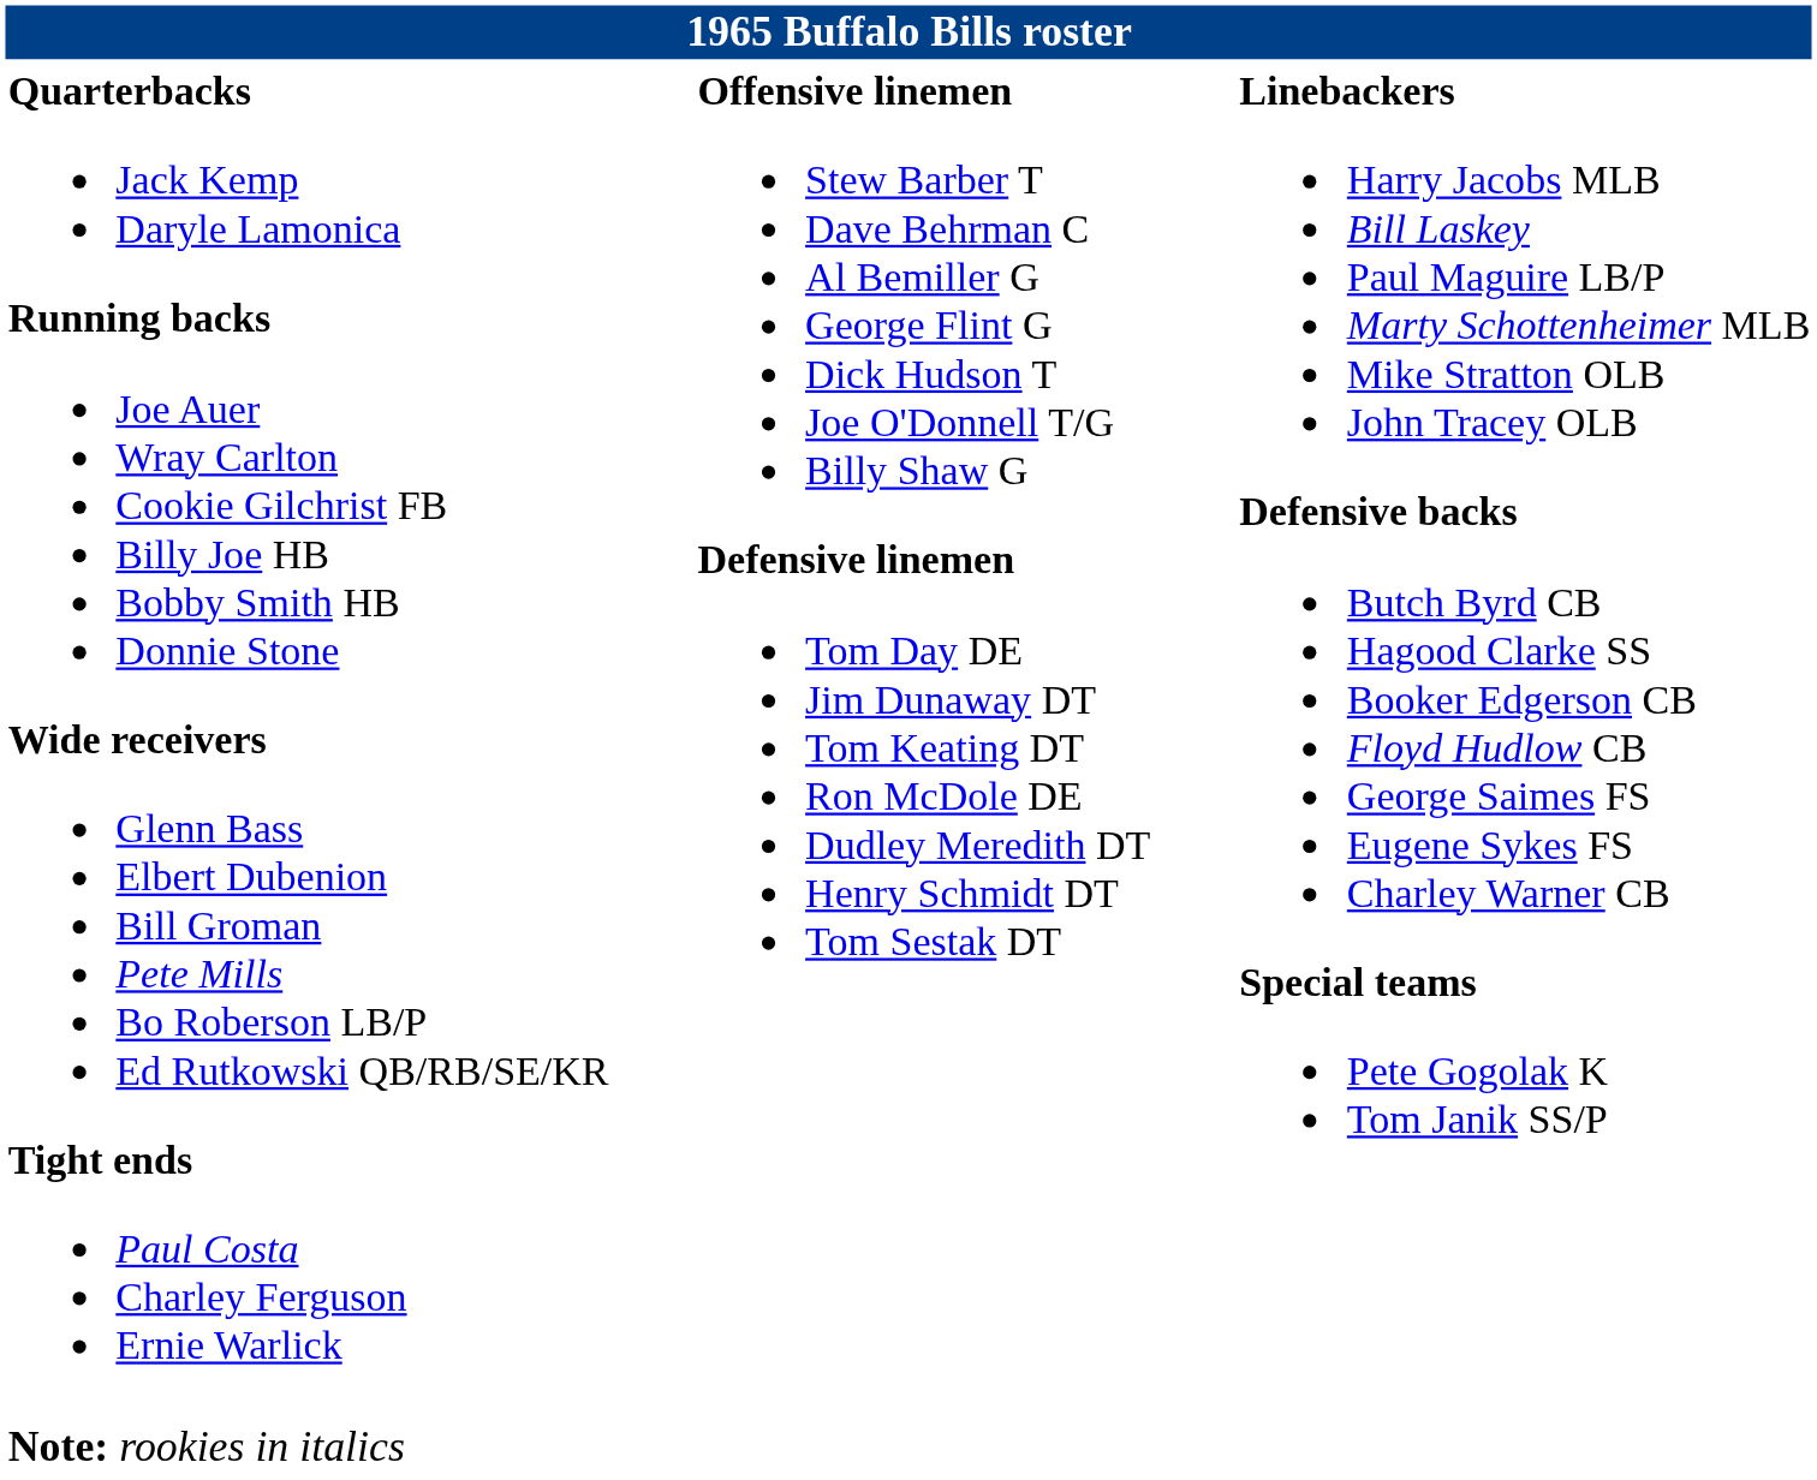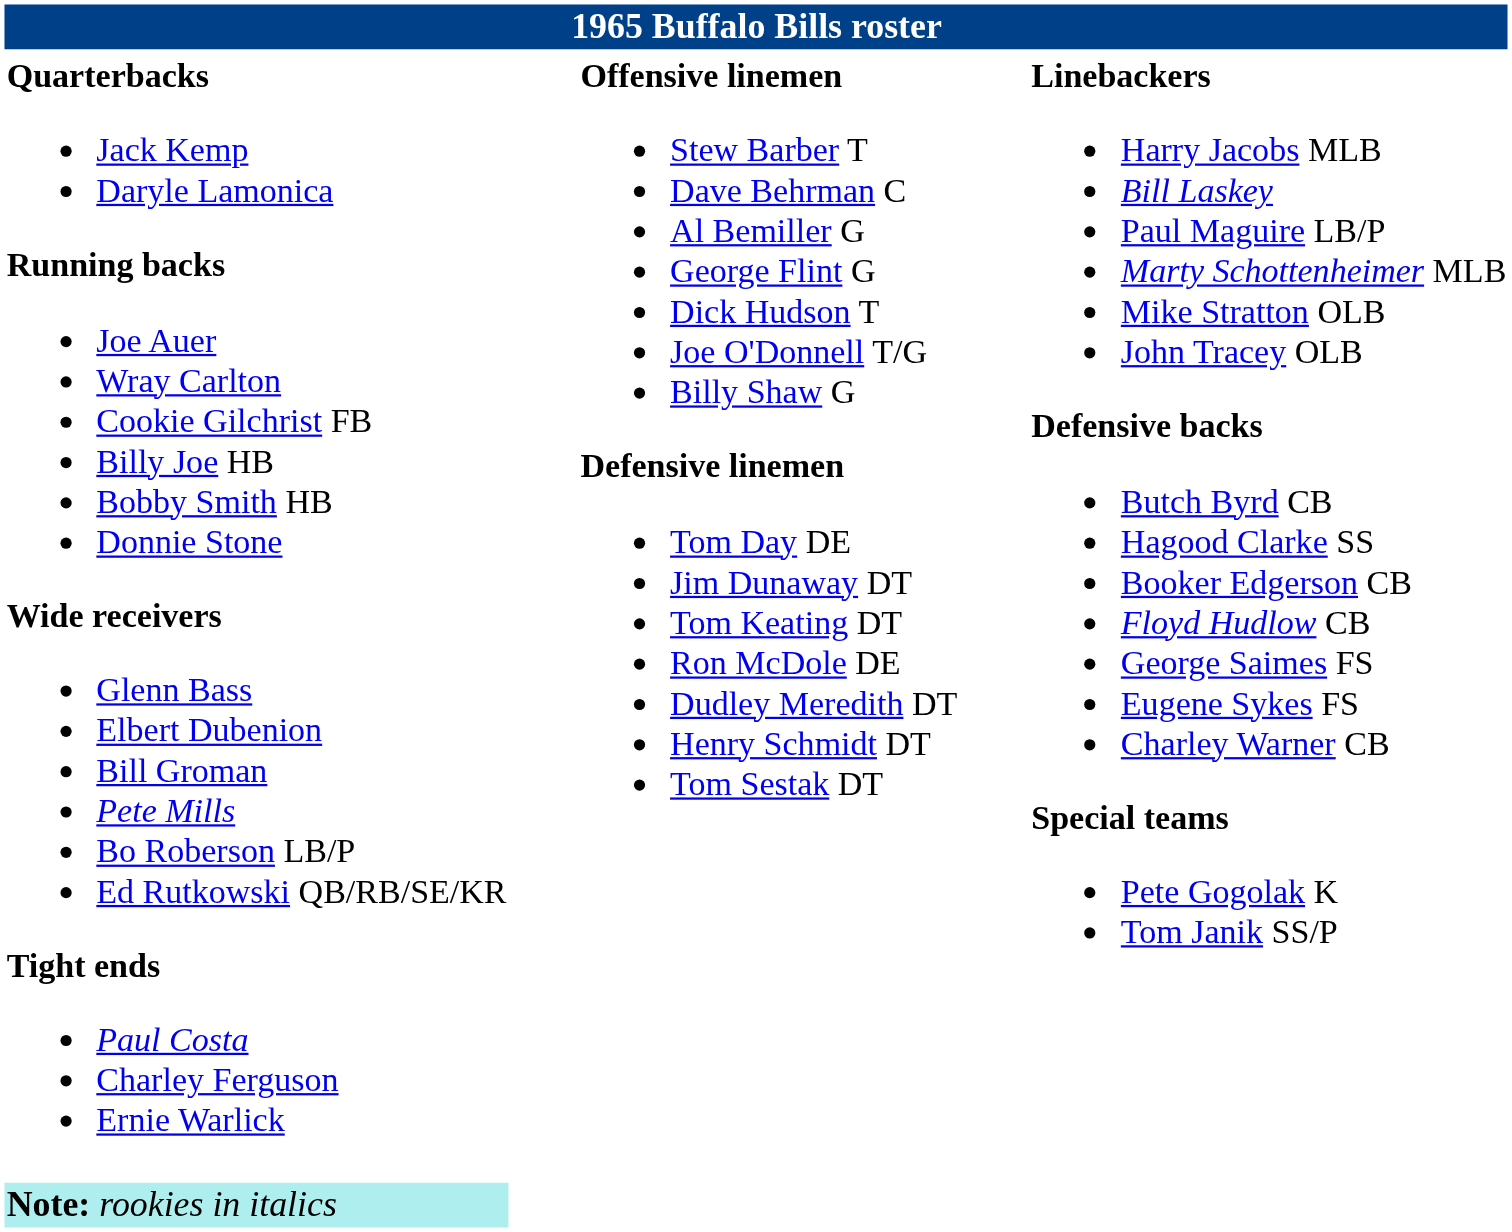 <table class="toccolours" style="text-align: left;">
 <tr>
 <th colspan="7" style="text-align:center;background-color: #004089;color:white;">1965 Buffalo Bills roster</th>
 </tr>
 <tr>
 <td style="font-size: 95%;" valign="top"><strong>Quarterbacks</strong><br><ul><li> <a href='#'>Jack Kemp</a></li><li> <a href='#'>Daryle Lamonica</a></li></ul><strong>Running backs</strong><ul><li> <a href='#'>Joe Auer</a></li><li> <a href='#'>Wray Carlton</a></li><li> <a href='#'>Cookie Gilchrist</a> FB</li><li> <a href='#'>Billy Joe</a> HB</li><li> <a href='#'>Bobby Smith</a> HB</li><li>  <a href='#'>Donnie Stone</a></li></ul><strong>Wide receivers</strong><ul><li> <a href='#'>Glenn Bass</a></li><li> <a href='#'>Elbert Dubenion</a></li><li> <a href='#'>Bill Groman</a></li><li> <em><a href='#'>Pete Mills</a></em></li><li> <a href='#'>Bo Roberson</a> LB/P</li><li> <a href='#'>Ed Rutkowski</a> QB/RB/SE/KR</li></ul><strong>Tight ends</strong><ul><li> <em><a href='#'>Paul Costa</a></em></li><li> <a href='#'>Charley Ferguson</a></li><li> <a href='#'>Ernie Warlick</a></li></ul></td>
 <td style="width: 25px;"></td>
 <td style="font-size: 95%;" valign="top"><strong>Offensive linemen</strong><br><ul><li> <a href='#'>Stew Barber</a> T</li><li> <a href='#'>Dave Behrman</a> C</li><li> <a href='#'>Al Bemiller</a> G</li><li> <a href='#'>George Flint</a> G</li><li> <a href='#'>Dick Hudson</a> T</li><li>  <a href='#'>Joe O'Donnell</a> T/G</li><li> <a href='#'>Billy Shaw</a> G</li></ul><strong>Defensive linemen</strong><ul><li> <a href='#'>Tom Day</a> DE</li><li> <a href='#'>Jim Dunaway</a> DT</li><li> <a href='#'>Tom Keating</a> DT</li><li> <a href='#'>Ron McDole</a> DE</li><li> <a href='#'>Dudley Meredith</a> DT</li><li> <a href='#'>Henry Schmidt</a> DT</li><li> <a href='#'>Tom Sestak</a> DT</li></ul></td>
 <td style="width: 25px;"></td>
 <td style="font-size: 95%;" valign="top"><strong>Linebackers</strong><br><ul><li> <a href='#'>Harry Jacobs</a> MLB</li><li> <em><a href='#'>Bill Laskey</a></em></li><li> <a href='#'>Paul Maguire</a> LB/P</li><li> <em><a href='#'>Marty Schottenheimer</a></em> MLB</li><li> <a href='#'>Mike Stratton</a> OLB</li><li> <a href='#'>John Tracey</a> OLB</li></ul><strong>Defensive backs</strong><ul><li>  <a href='#'>Butch Byrd</a> CB</li><li>  <a href='#'>Hagood Clarke</a> SS</li><li> <a href='#'>Booker Edgerson</a> CB</li><li> <em><a href='#'>Floyd Hudlow</a></em> CB</li><li> <a href='#'>George Saimes</a> FS</li><li> <a href='#'>Eugene Sykes</a> FS</li><li> <a href='#'>Charley Warner</a> CB</li></ul><strong>Special teams</strong><ul><li> <a href='#'>Pete Gogolak</a> K</li><li> <a href='#'>Tom Janik</a> SS/P</li></ul></td>
 </tr>
 <tr>
-<td><strong>Note:</strong> <em>rookies in italics</em></td>
+<td style="background: paleturquoise;"><strong>Note:</strong> <em>rookies in italics</em></td>
 </tr>
 </table>
